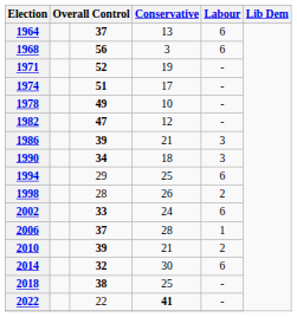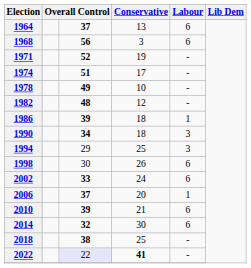 <table class="wikitable">
 <tr>
 <th>Election</th>
 <th colspan=2>Overall Control</th>
 <th><a href='#'>Conservative</a></th>
 <th><a href='#'>Labour</a></th>
 <th><a href='#'>Lib Dem</a></th>
 </tr>
 <tr>
 <th><a href='#'>1964</a></th>
 <td></td>
 <td style="text-align: center;"><strong>37</strong></td>
 <td style="text-align: center;">13</td>
 <td style="text-align: center;">6</td>
 </tr>
 <tr>
 <th><a href='#'>1968</a></th>
 <td></td>
 <td style="text-align: center;"><strong>56</strong></td>
 <td style="text-align: center;">3</td>
 <td style="text-align: center;">6</td>
 </tr>
 <tr>
 <th><a href='#'>1971</a></th>
 <td></td>
 <td style="text-align: center;"><strong>52</strong></td>
 <td style="text-align: center;">19</td>
 <td style="text-align: center;">-</td>
 </tr>
 <tr>
 <th><a href='#'>1974</a></th>
 <td></td>
 <td style="text-align: center;"><strong>51</strong></td>
 <td style="text-align: center;">17</td>
 <td style="text-align: center;">-</td>
 </tr>
 <tr>
 <th><a href='#'>1978</a></th>
 <td></td>
 <td style="text-align: center;"><strong>49</strong></td>
 <td style="text-align: center;">10</td>
 <td style="text-align: center;">-</td>
 </tr>
 <tr>
 <th><a href='#'>1982</a></th>
 <td></td>
-<td style="text-align: center;"><strong>47</strong></td>
+<td style="text-align: center;"><strong>48</strong></td>
 <td style="text-align: center;">12</td>
 <td style="text-align: center;">-</td>
 </tr>
 <tr>
 <th><a href='#'>1986</a></th>
 <td></td>
 <td style="text-align: center;"><strong>39</strong></td>
-<td style="text-align: center;">21</td>
-<td style="text-align: center;">3</td>
+<td style="text-align: center;">18</td>
+<td style="text-align: center;">1</td>
 </tr>
 <tr>
 <th><a href='#'>1990</a></th>
 <td></td>
 <td style="text-align: center;"><strong>34</strong></td>
 <td style="text-align: center;">18</td>
 <td style="text-align: center;">3</td>
 </tr>
 <tr>
 <th><a href='#'>1994</a></th>
 <td></td>
 <td style="text-align: center;">29</td>
 <td style="text-align: center;">25</td>
-<td style="text-align: center;">6</td>
+<td style="text-align: center;">3</td>
 </tr>
 <tr>
 <th><a href='#'>1998</a></th>
 <td></td>
-<td style="text-align: center;">28</td>
+<td style="text-align: center;">30</td>
 <td style="text-align: center;">26</td>
-<td style="text-align: center;">2</td>
+<td style="text-align: center;">6</td>
 </tr>
 <tr>
 <th><a href='#'>2002</a></th>
 <td></td>
 <td style="text-align: center;"><strong>33</strong></td>
 <td style="text-align: center;">24</td>
 <td style="text-align: center;">6</td>
 </tr>
 <tr>
 <th><a href='#'>2006</a></th>
 <td></td>
 <td style="text-align: center;"><strong>37</strong></td>
-<td style="text-align: center;">28</td>
+<td style="text-align: center;">20</td>
 <td style="text-align: center;">1</td>
 </tr>
 <tr>
 <th><a href='#'>2010</a></th>
 <td></td>
 <td style="text-align: center;"><strong>39</strong></td>
 <td style="text-align: center;">21</td>
-<td style="text-align: center;">2</td>
+<td style="text-align: center;">6</td>
 </tr>
 <tr>
 <th><a href='#'>2014</a></th>
 <td></td>
 <td style="text-align: center;"><strong>32</strong></td>
 <td style="text-align: center;">30</td>
 <td style="text-align: center;">6</td>
 </tr>
 <tr>
 <th><a href='#'>2018</a></th>
 <td></td>
 <td style="text-align: center;"><strong>38</strong></td>
 <td style="text-align: center;">25</td>
 <td style="text-align: center;">-</td>
 </tr>
 <tr>
 <th><a href='#'>2022</a></th>
 <td></td>
-<td style="text-align: center;">22</td>
+<td style="background: lavender; text-align: center;">22</td>
 <td style="text-align: center;"><strong>41</strong></td>
 <td style="text-align: center;">-</td>
 </tr>
 <tr>
 </tr>
 </table>
